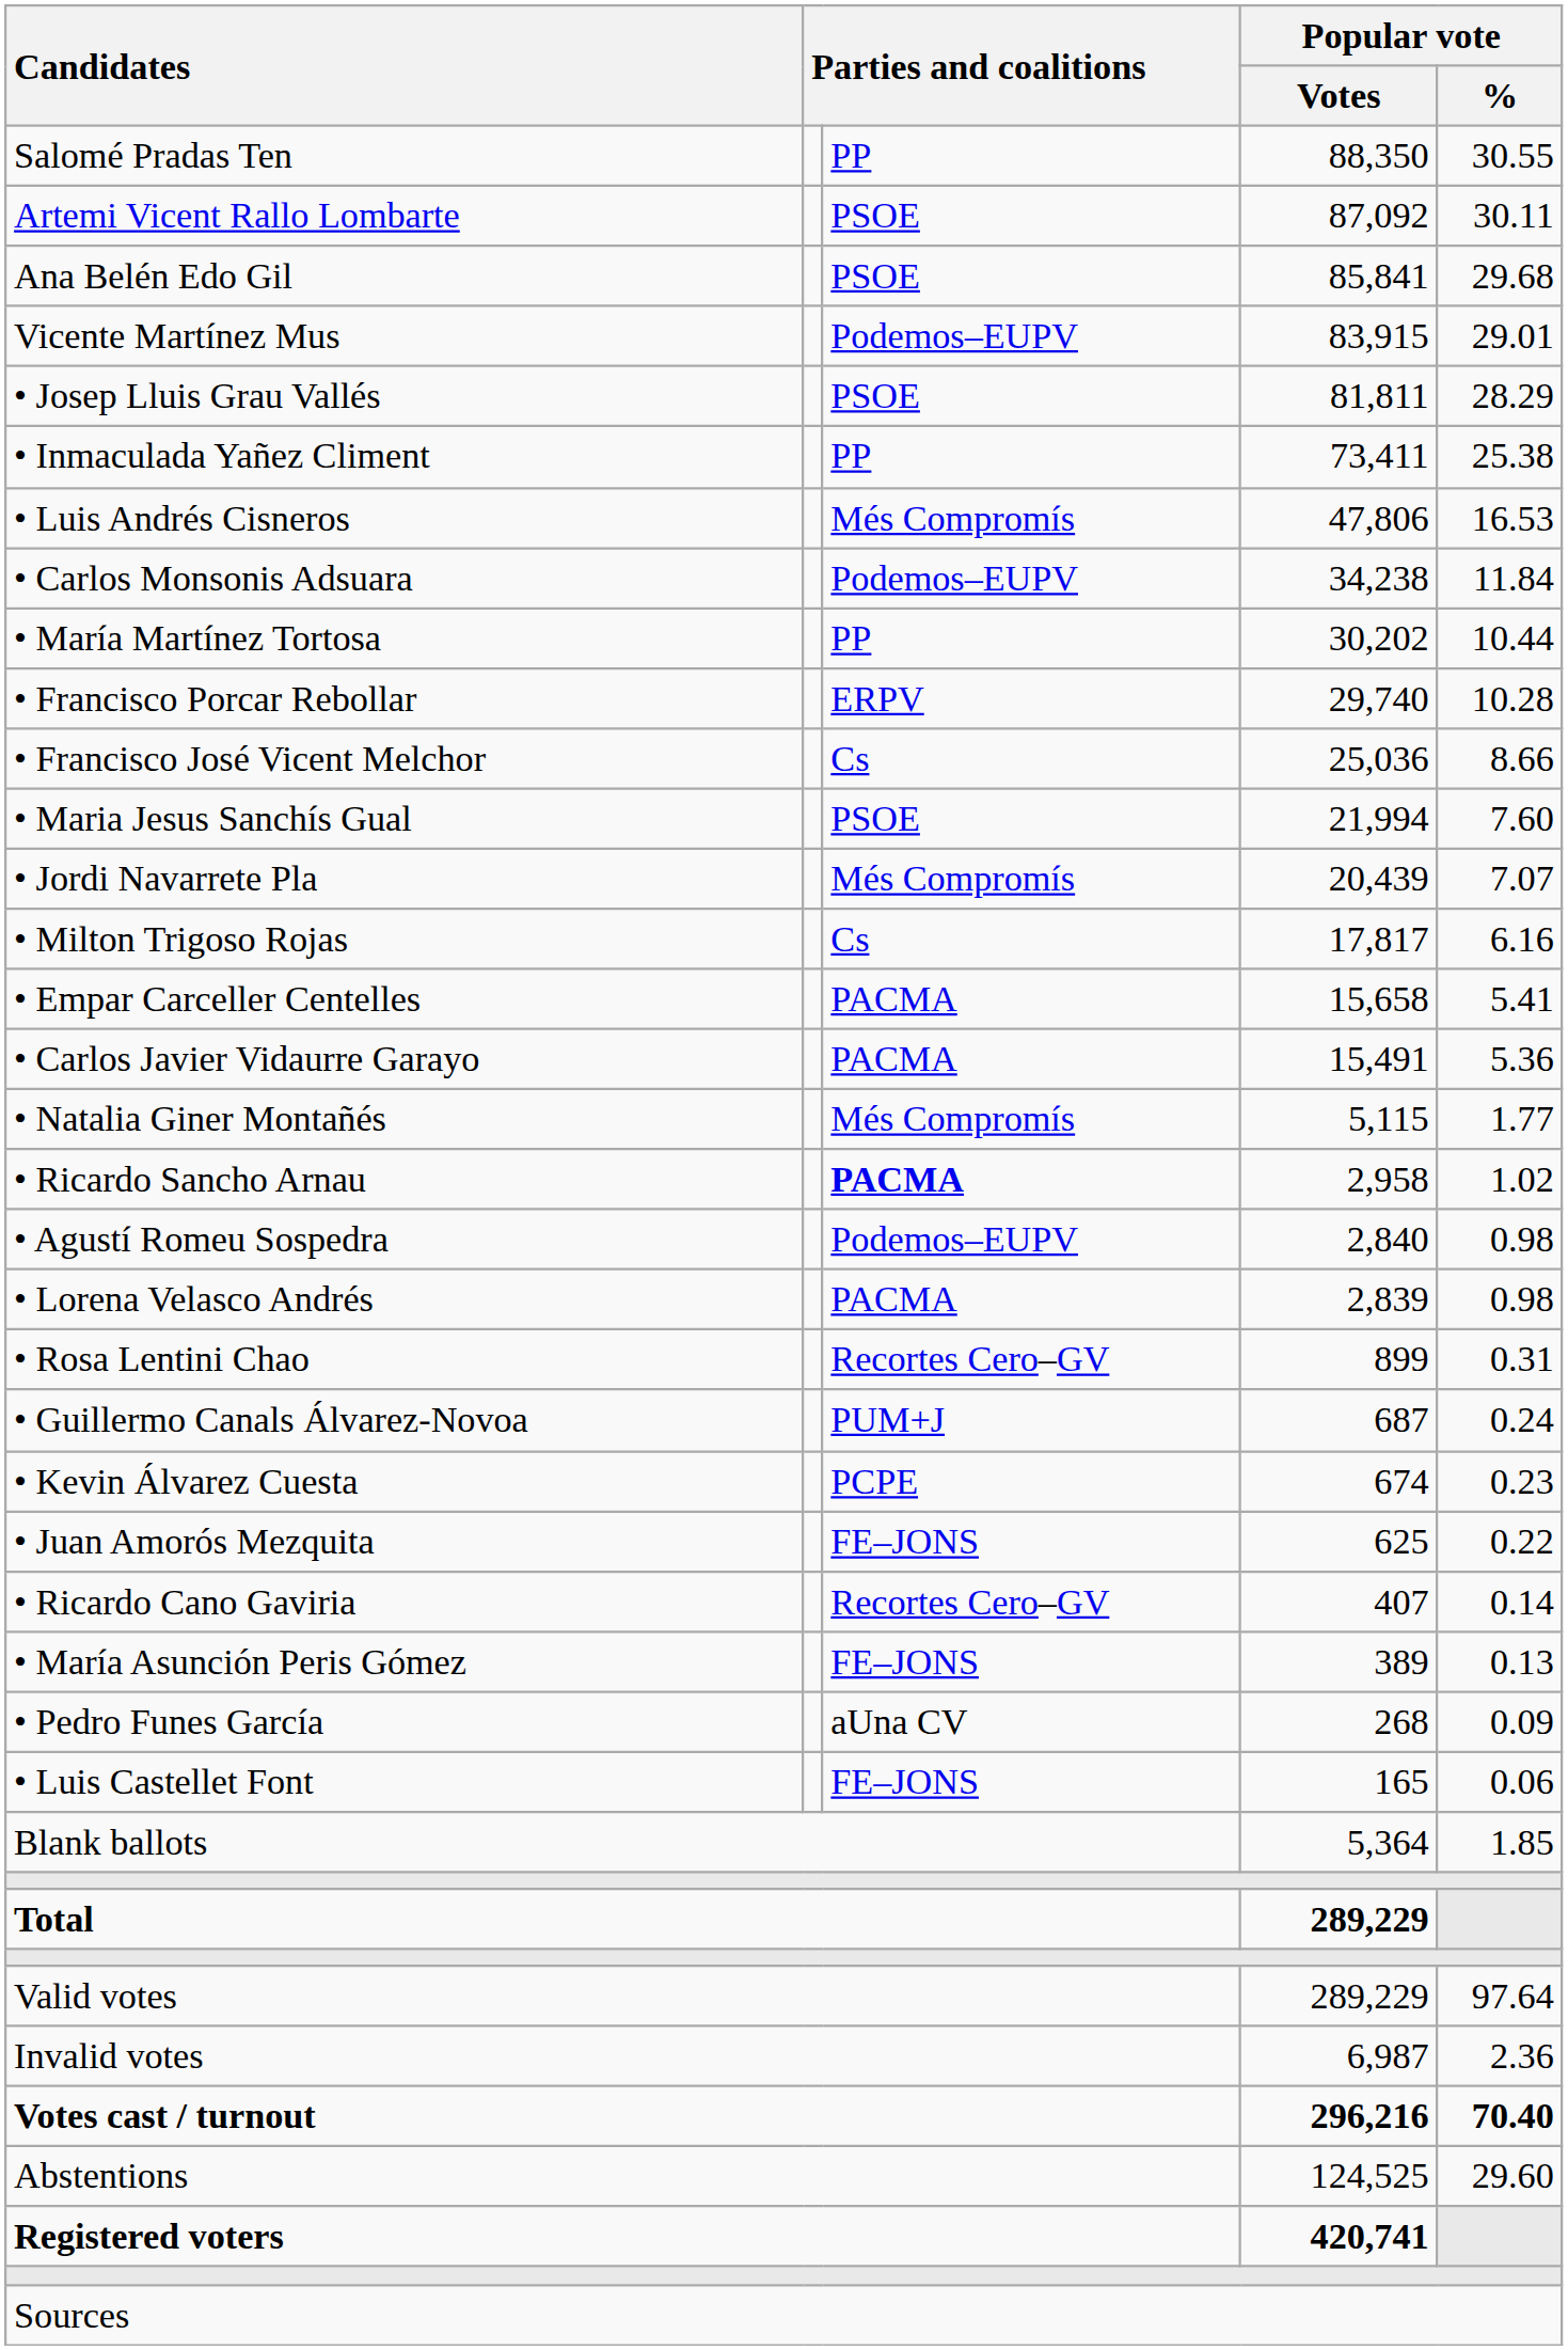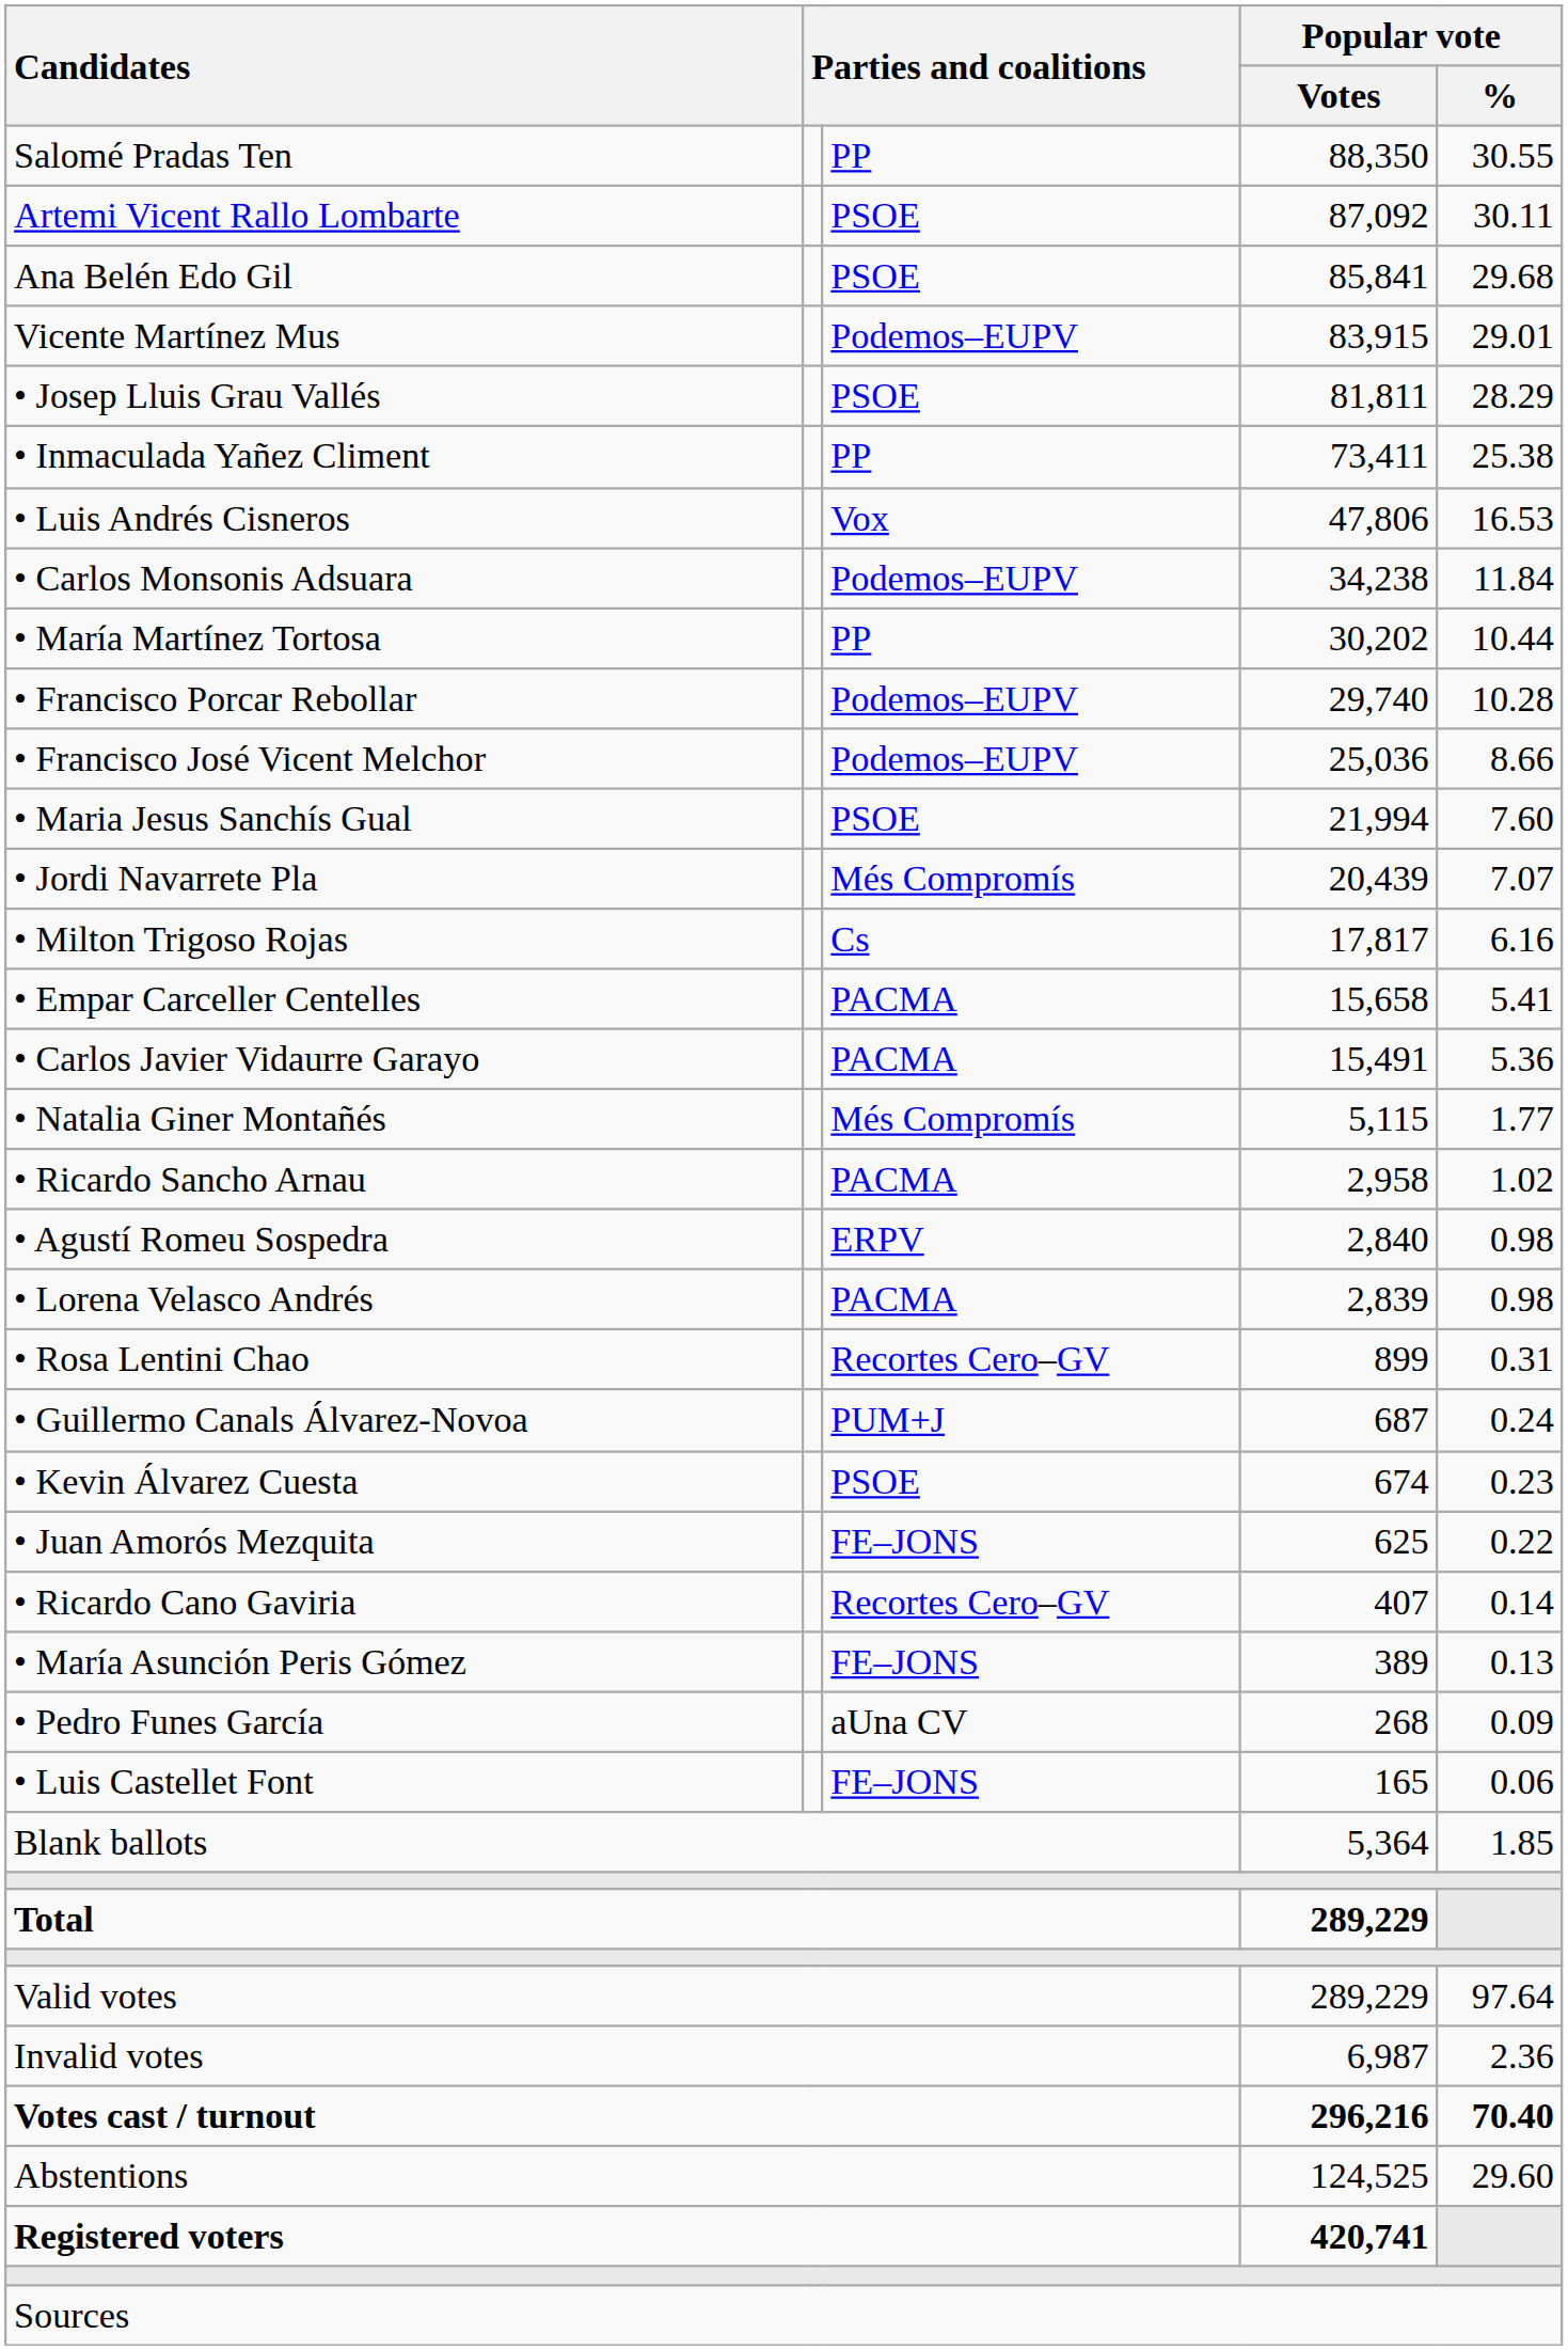 <table class="wikitable" style="text-align:right; font-size:95%;">
 <tr>
 <th style="text-align:left;" rowspan="2" width="325">Candidates</th>
 <th style="text-align:left;" rowspan="2" colspan="2" width="175">Parties and coalitions</th>
 <th colspan="2">Popular vote</th>
 </tr>
 <tr>
 <th width="75">Votes</th>
 <th width="45">%</th>
 </tr>
 <tr>
 <td align="left"> Salomé Pradas Ten</td>
 <td width="1" style="color:inherit;background:"></td>
 <td align="left"><a href='#'>PP</a></td>
 <td>88,350</td>
 <td>30.55</td>
 </tr>
 <tr>
 <td align="left"> <a href='#'>Artemi Vicent Rallo Lombarte</a></td>
 <td style="color:inherit;background:"></td>
 <td align="left"><a href='#'>PSOE</a></td>
 <td>87,092</td>
 <td>30.11</td>
 </tr>
 <tr>
 <td align="left"> Ana Belén Edo Gil</td>
 <td style="color:inherit;background:"></td>
 <td align="left"><a href='#'>PSOE</a></td>
 <td>85,841</td>
 <td>29.68</td>
 </tr>
 <tr>
 <td align="left"> Vicente Martínez Mus</td>
 <td style="color:inherit;background:"></td>
 <td align="left"><a href='#'>Podemos–EUPV</a></td>
 <td>83,915</td>
 <td>29.01</td>
 </tr>
 <tr>
 <td align="left">• Josep Lluis Grau Vallés</td>
 <td style="color:inherit;background:"></td>
 <td align="left"><a href='#'>PSOE</a></td>
 <td>81,811</td>
 <td>28.29</td>
 </tr>
 <tr>
 <td align="left">• Inmaculada Yañez Climent</td>
 <td style="color:inherit;background:"></td>
 <td align="left"><a href='#'>PP</a></td>
 <td>73,411</td>
 <td>25.38</td>
 </tr>
 <tr>
 <td align="left">• Luis Andrés Cisneros</td>
 <td style="color:inherit;background:"></td>
-<td align="left"><a href='#'>Més Compromís</a></td>
+<td align="left"><a href='#'>Vox</a></td>
 <td>47,806</td>
 <td>16.53</td>
 </tr>
 <tr>
 <td align="left">• Carlos Monsonis Adsuara</td>
 <td style="color:inherit;background:"></td>
 <td align="left"><a href='#'>Podemos–EUPV</a></td>
 <td>34,238</td>
 <td>11.84</td>
 </tr>
 <tr>
 <td align="left">• María Martínez Tortosa</td>
 <td style="color:inherit;background:"></td>
 <td align="left"><a href='#'>PP</a></td>
 <td>30,202</td>
 <td>10.44</td>
 </tr>
 <tr>
 <td align="left">• Francisco Porcar Rebollar</td>
 <td style="color:inherit;background:"></td>
-<td align="left"><a href='#'>ERPV</a></td>
+<td align="left"><a href='#'>Podemos–EUPV</a></td>
 <td>29,740</td>
 <td>10.28</td>
 </tr>
 <tr>
 <td align="left">• Francisco José Vicent Melchor</td>
 <td style="color:inherit;background:"></td>
-<td align="left"><a href='#'>Cs</a></td>
+<td align="left"><a href='#'>Podemos–EUPV</a></td>
 <td>25,036</td>
 <td>8.66</td>
 </tr>
 <tr>
 <td align="left">• Maria Jesus Sanchís Gual</td>
 <td style="color:inherit;background:"></td>
 <td align="left"><a href='#'>PSOE</a></td>
 <td>21,994</td>
 <td>7.60</td>
 </tr>
 <tr>
 <td align="left">• Jordi Navarrete Pla</td>
 <td style="color:inherit;background:"></td>
 <td align="left"><a href='#'>Més Compromís</a></td>
 <td>20,439</td>
 <td>7.07</td>
 </tr>
 <tr>
 <td align="left">• Milton Trigoso Rojas</td>
 <td style="color:inherit;background:"></td>
 <td align="left"><a href='#'>Cs</a></td>
 <td>17,817</td>
 <td>6.16</td>
 </tr>
 <tr>
 <td align="left">• Empar Carceller Centelles</td>
 <td style="color:inherit;background:"></td>
 <td align="left"><a href='#'>PACMA</a></td>
 <td>15,658</td>
 <td>5.41</td>
 </tr>
 <tr>
 <td align="left">• Carlos Javier Vidaurre Garayo</td>
 <td style="color:inherit;background:"></td>
 <td align="left"><a href='#'>PACMA</a></td>
 <td>15,491</td>
 <td>5.36</td>
 </tr>
 <tr>
 <td align="left">• Natalia Giner Montañés</td>
 <td style="color:inherit;background:"></td>
 <td align="left"><a href='#'>Més Compromís</a></td>
 <td>5,115</td>
 <td>1.77</td>
 </tr>
 <tr>
 <td align="left">• Ricardo Sancho Arnau</td>
 <td style="color:inherit;background:"></td>
-<td align="left"><strong><a href='#'>PACMA</a></strong></td>
+<td align="left"><a href='#'>PACMA</a></td>
 <td>2,958</td>
 <td>1.02</td>
 </tr>
 <tr>
 <td align="left">• Agustí Romeu Sospedra</td>
 <td style="color:inherit;background:"></td>
-<td align="left"><a href='#'>Podemos–EUPV</a></td>
+<td align="left"><a href='#'>ERPV</a></td>
 <td>2,840</td>
 <td>0.98</td>
 </tr>
 <tr>
 <td align="left">• Lorena Velasco Andrés</td>
 <td style="color:inherit;background:"></td>
 <td align="left"><a href='#'>PACMA</a></td>
 <td>2,839</td>
 <td>0.98</td>
 </tr>
 <tr>
 <td align="left">• Rosa Lentini Chao</td>
 <td style="color:inherit;background:"></td>
 <td align="left"><a href='#'>Recortes Cero</a>–<a href='#'>GV</a></td>
 <td>899</td>
 <td>0.31</td>
 </tr>
 <tr>
 <td align="left">• Guillermo Canals Álvarez-Novoa</td>
 <td style="color:inherit;background:"></td>
 <td align="left"><a href='#'>PUM+J</a></td>
 <td>687</td>
 <td>0.24</td>
 </tr>
 <tr>
 <td align="left">• Kevin Álvarez Cuesta</td>
 <td style="color:inherit;background:"></td>
-<td align="left"><a href='#'>PCPE</a></td>
+<td align="left"><a href='#'>PSOE</a></td>
 <td>674</td>
 <td>0.23</td>
 </tr>
 <tr>
 <td align="left">• Juan Amorós Mezquita</td>
 <td style="color:inherit;background:"></td>
 <td align="left"><a href='#'>FE–JONS</a></td>
 <td>625</td>
 <td>0.22</td>
 </tr>
 <tr>
 <td align="left">• Ricardo Cano Gaviria</td>
 <td style="color:inherit;background:"></td>
 <td align="left"><a href='#'>Recortes Cero</a>–<a href='#'>GV</a></td>
 <td>407</td>
 <td>0.14</td>
 </tr>
 <tr>
 <td align="left">• María Asunción Peris Gómez</td>
 <td style="color:inherit;background:"></td>
 <td align="left"><a href='#'>FE–JONS</a></td>
 <td>389</td>
 <td>0.13</td>
 </tr>
 <tr>
 <td align="left">• Pedro Funes García</td>
 <td style="color:inherit;background:"></td>
 <td align="left">aUna CV</td>
 <td>268</td>
 <td>0.09</td>
 </tr>
 <tr>
 <td align="left">• Luis Castellet Font</td>
 <td style="color:inherit;background:"></td>
 <td align="left"><a href='#'>FE–JONS</a></td>
 <td>165</td>
 <td>0.06</td>
 </tr>
 <tr>
 <td align="left" colspan="3">Blank ballots</td>
 <td>5,364</td>
 <td>1.85</td>
 </tr>
 <tr>
 <td colspan="5" bgcolor="#E9E9E9"></td>
 </tr>
 <tr style="font-weight:bold;">
 <td align="left" colspan="3">Total</td>
 <td>289,229</td>
 <td bgcolor="#E9E9E9"></td>
 </tr>
 <tr>
 <td colspan="5" bgcolor="#E9E9E9"></td>
 </tr>
 <tr>
 <td align="left" colspan="3">Valid votes</td>
 <td>289,229</td>
 <td>97.64</td>
 </tr>
 <tr>
 <td align="left" colspan="3">Invalid votes</td>
 <td>6,987</td>
 <td>2.36</td>
 </tr>
 <tr style="font-weight:bold;">
 <td align="left" colspan="3">Votes cast / turnout</td>
 <td>296,216</td>
 <td>70.40</td>
 </tr>
 <tr>
 <td align="left" colspan="3">Abstentions</td>
 <td>124,525</td>
 <td>29.60</td>
 </tr>
 <tr style="font-weight:bold;">
 <td align="left" colspan="3">Registered voters</td>
 <td>420,741</td>
 <td bgcolor="#E9E9E9"></td>
 </tr>
 <tr>
 <td colspan="5" bgcolor="#E9E9E9"></td>
 </tr>
 <tr>
 <td align="left" colspan="5">Sources</td>
 </tr>
 </table>
